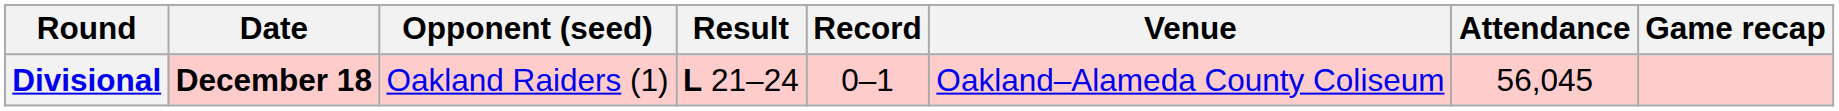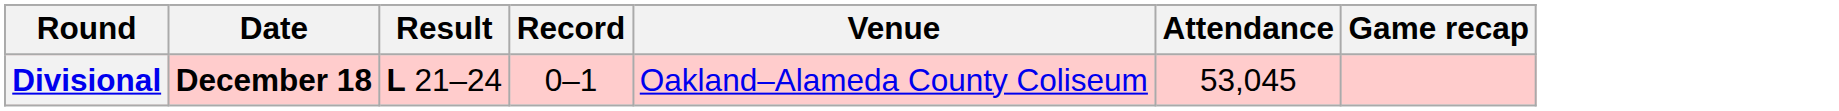 <table class="wikitable" style="text-align:center">
 <tr>
 <th>Round</th>
 <th>Date</th>
-<th>Opponent (seed)</th>
 <th>Result</th>
 <th>Record</th>
 <th>Venue</th>
 <th>Attendance</th>
 <th>Game recap</th>
 </tr>
 <tr style="background:#fcc">
 <th><a href='#'>Divisional</a></th>
 <td><strong>December 18</strong></td>
-<td><a href='#'>Oakland Raiders</a> (1)</td>
 <td><strong>L</strong> 21–24</td>
 <td>0–1</td>
 <td><a href='#'>Oakland–Alameda County Coliseum</a></td>
-<td>56,045</td>
+<td>53,045</td>
 <td></td>
 </tr>
 </table>
